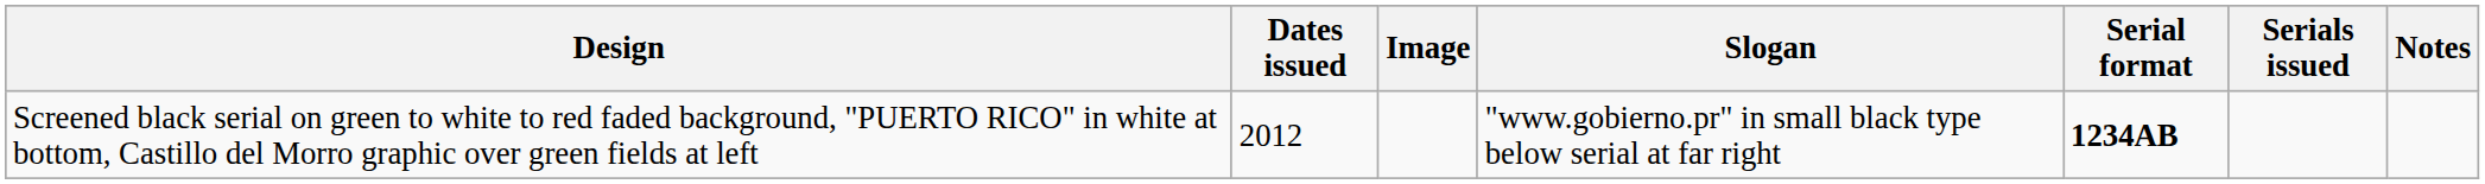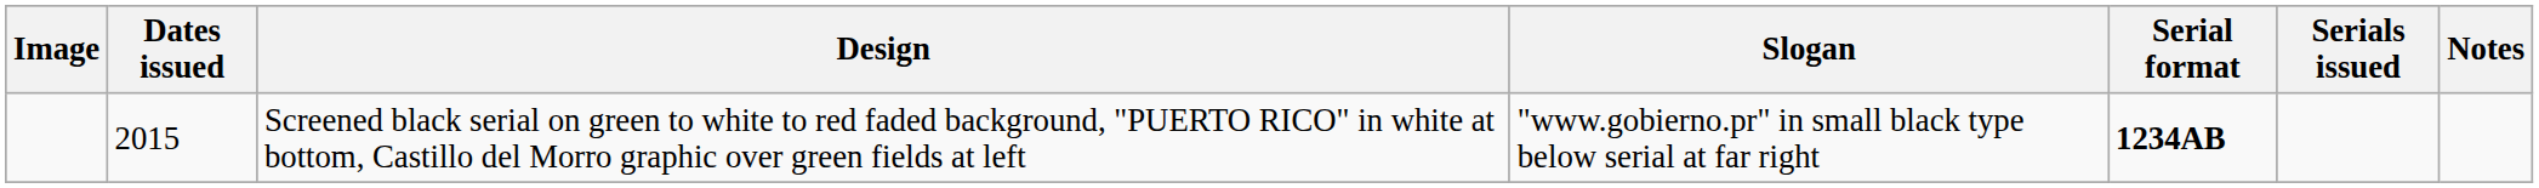 <table class="wikitable">
 <tr>
+<th>Image</th>
+<th>Dates issued</th>
 <th>Design</th>
-<th>Dates issued</th>
-<th>Image</th>
 <th>Slogan</th>
 <th>Serial format</th>
 <th>Serials issued</th>
 <th>Notes</th>
 </tr>
 <tr>
+<td></td>
+<td>2015</td>
 <td>Screened black serial on green to white to red faded background, "PUERTO RICO" in white at bottom, Castillo del Morro graphic over green fields at left</td>
-<td>2012</td>
-<td></td>
 <td>"www.gobierno.pr" in small black type below serial at far right</td>
 <td><strong>1234AB</strong></td>
 <td></td>
 <td></td>
 </tr>
 </table>
